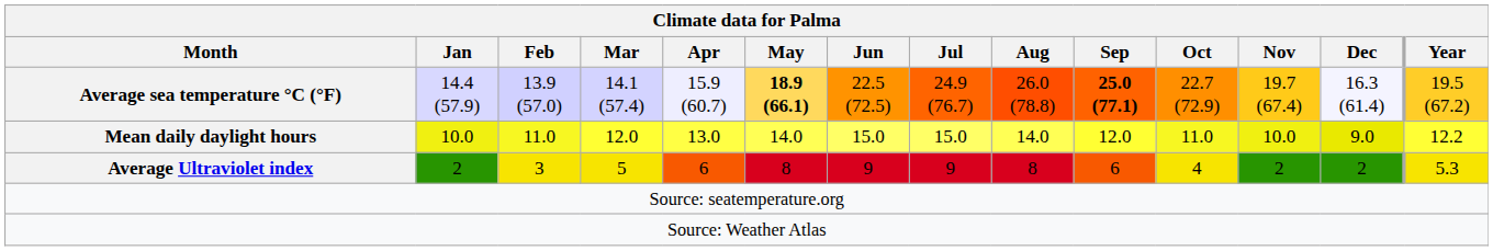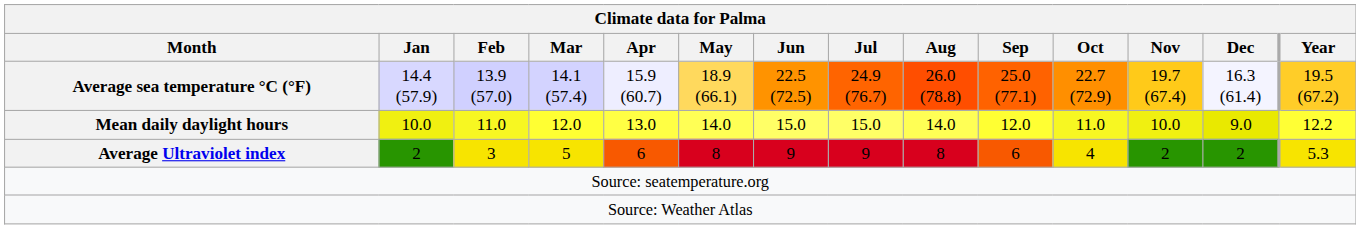 <table style="width:100%;text-align:center;line-height:1.2em;margin-left:auto;margin-right:auto" class="wikitable mw-collapsible">
 <tr>
 <th Colspan=14>Climate data for Palma</th>
 </tr>
 <tr>
 <th>Month</th>
 <th>Jan</th>
 <th>Feb</th>
 <th>Mar</th>
 <th>Apr</th>
 <th>May</th>
 <th>Jun</th>
 <th>Jul</th>
 <th>Aug</th>
 <th>Sep</th>
 <th>Oct</th>
 <th>Nov</th>
 <th>Dec</th>
 <th style="border-left-width:medium">Year</th>
 </tr>
 <tr>
 <th>Average sea temperature °C (°F)</th>
 <td style="background:#D8D8FF;color:#000000;">14.4<br>(57.9)</td>
 <td style="background:#D0D0FF;color:#000000;">13.9<br>(57.0)</td>
 <td style="background:#D3D3FF;color:#000000;">14.1<br>(57.4)</td>
 <td style="background:#EEEEFF;color:#000000;">15.9<br>(60.7)</td>
-<td style="background:#FFD95D;color:#000000;"><strong>18.9<br>(66.1)</strong></td>
+<td style="background:#FFD95D;color:#000000;">18.9<br>(66.1)</td>
 <td style="background:#FF9300;color:#000000;">22.5<br>(72.5)</td>
 <td style="background:#FF6400;color:#000000;">24.9<br>(76.7)</td>
 <td style="background:#FF4E00;color:#000000;">26.0<br>(78.8)</td>
-<td style="background:#FF6200;color:#000000;"><strong>25.0<br>(77.1)</strong></td>
+<td style="background:#FF6200;color:#000000;">25.0<br>(77.1)</td>
 <td style="background:#FF8F00;color:#000000;">22.7<br>(72.9)</td>
 <td style="background:#FFCA19;color:#000000;">19.7<br>(67.4)</td>
 <td style="background:#F4F4FF;color:#000000;">16.3<br>(61.4)</td>
 <td style="background:#FFCD28;color:#000000;border-left-width:medium">19.5<br>(67.2)</td>
 </tr>
 <tr>
 <th>Mean daily daylight hours</th>
 <td style="background:#F0F011;color:#000000;">10.0</td>
 <td style="background:#F7F722;color:#000000;">11.0</td>
 <td style="background:#FFFF33;color:#000000;">12.0</td>
 <td style="background:#FFFF44;color:#000000;">13.0</td>
 <td style="background:#FFFF55;color:#000000;">14.0</td>
 <td style="background:#FFFF66;color:#000000;">15.0</td>
 <td style="background:#FFFF66;color:#000000;">15.0</td>
 <td style="background:#FFFF55;color:#000000;">14.0</td>
 <td style="background:#FFFF33;color:#000000;">12.0</td>
 <td style="background:#F7F722;color:#000000;">11.0</td>
 <td style="background:#F0F011;color:#000000;">10.0</td>
 <td style="background:#E9E900;color:#000000;">9.0</td>
 <td style="background:#FFFF35;color:#000000;">12.2</td>
 </tr>
 <tr>
 <th>Average <a href='#'>Ultraviolet index</a></th>
 <td style="background:#289500;color:#000000;">2</td>
 <td style="background:#f7e400;color:#000000;">3</td>
 <td style="background:#f7e400;color:#000000;">5</td>
 <td style="background:#f85900;color:#000000;">6</td>
 <td style="background:#d8001d;color:#000000;">8</td>
 <td style="background:#d8001d;color:#000000;">9</td>
 <td style="background:#d8001d;color:#000000;">9</td>
 <td style="background:#d8001d;color:#000000;">8</td>
 <td style="background:#f85900;color:#000000;">6</td>
 <td style="background:#f7e400;color:#000000;">4</td>
 <td style="background:#289500;color:#000000;">2</td>
 <td style="background:#289500;color:#000000;">2</td>
 <td style="background:#f7e400;color:#000000;border-left-width:medium">5.3</td>
 </tr>
 <tr>
 <th Colspan=14 style="background:#f8f9fa;font-weight:normal;font-size:95%;">Source: seatemperature.org </th>
 </tr>
 <tr>
 <th Colspan=14 style="background:#f8f9fa;font-weight:normal;font-size:95%;">Source: Weather Atlas </th>
 </tr>
 </table>
